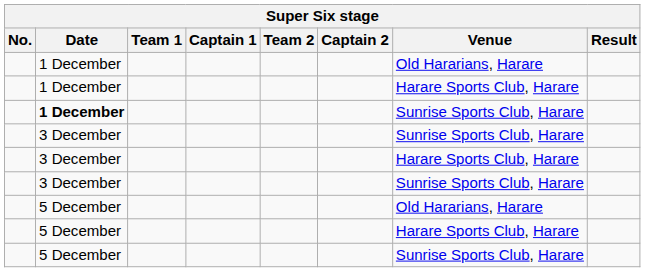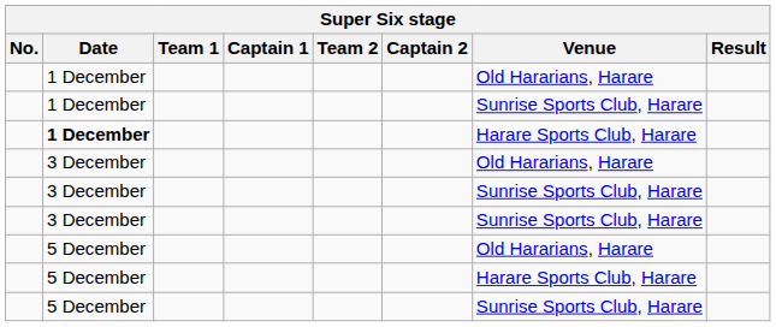 <table class="wikitable">
 <tr>
 <th colspan="9">Super Six stage</th>
 </tr>
 <tr>
 <th>No.</th>
 <th>Date</th>
 <th>Team 1</th>
 <th>Captain 1</th>
 <th>Team 2</th>
 <th>Captain 2</th>
 <th>Venue</th>
 <th>Result</th>
 </tr>
 <tr>
 <td></td>
 <td>1 December</td>
 <td></td>
 <td></td>
 <td></td>
 <td></td>
 <td><a href='#'>Old Hararians</a>, <a href='#'>Harare</a></td>
 <td></td>
 </tr>
 <tr>
 <td></td>
 <td>1 December</td>
 <td></td>
 <td></td>
 <td></td>
 <td></td>
-<td><a href='#'>Harare Sports Club</a>, <a href='#'>Harare</a></td>
+<td><a href='#'>Sunrise Sports Club</a>, <a href='#'>Harare</a></td>
 <td></td>
 </tr>
 <tr>
 <td></td>
 <td><strong>1 December</strong></td>
 <td></td>
 <td></td>
 <td></td>
 <td></td>
-<td><a href='#'>Sunrise Sports Club</a>, <a href='#'>Harare</a></td>
+<td><a href='#'>Harare Sports Club</a>, <a href='#'>Harare</a></td>
+<td></td>
+</tr>
+<tr>
+<td></td>
+<td>3 December</td>
+<td></td>
+<td></td>
+<td></td>
+<td></td>
+<td><a href='#'>Old Hararians</a>, <a href='#'>Harare</a></td>
 <td></td>
 </tr>
 <tr>
 <td></td>
 <td>3 December</td>
 <td></td>
 <td></td>
 <td></td>
 <td></td>
 <td><a href='#'>Sunrise Sports Club</a>, <a href='#'>Harare</a></td>
-<td></td>
-</tr>
-<tr>
-<td></td>
-<td>3 December</td>
-<td></td>
-<td></td>
-<td></td>
-<td></td>
-<td><a href='#'>Harare Sports Club</a>, <a href='#'>Harare</a></td>
 <td></td>
 </tr>
 <tr>
 <td></td>
 <td>3 December</td>
 <td></td>
 <td></td>
 <td></td>
 <td></td>
 <td><a href='#'>Sunrise Sports Club</a>, <a href='#'>Harare</a></td>
 <td></td>
 </tr>
 <tr>
 <td></td>
 <td>5 December</td>
 <td></td>
 <td></td>
 <td></td>
 <td></td>
 <td><a href='#'>Old Hararians</a>, <a href='#'>Harare</a></td>
 <td></td>
 </tr>
 <tr>
 <td></td>
 <td>5 December</td>
 <td></td>
 <td></td>
 <td></td>
 <td></td>
 <td><a href='#'>Harare Sports Club</a>, <a href='#'>Harare</a></td>
 <td></td>
 </tr>
 <tr>
 <td></td>
 <td>5 December</td>
 <td></td>
 <td></td>
 <td></td>
 <td></td>
 <td><a href='#'>Sunrise Sports Club</a>, <a href='#'>Harare</a></td>
 <td></td>
 </tr>
 </table>
